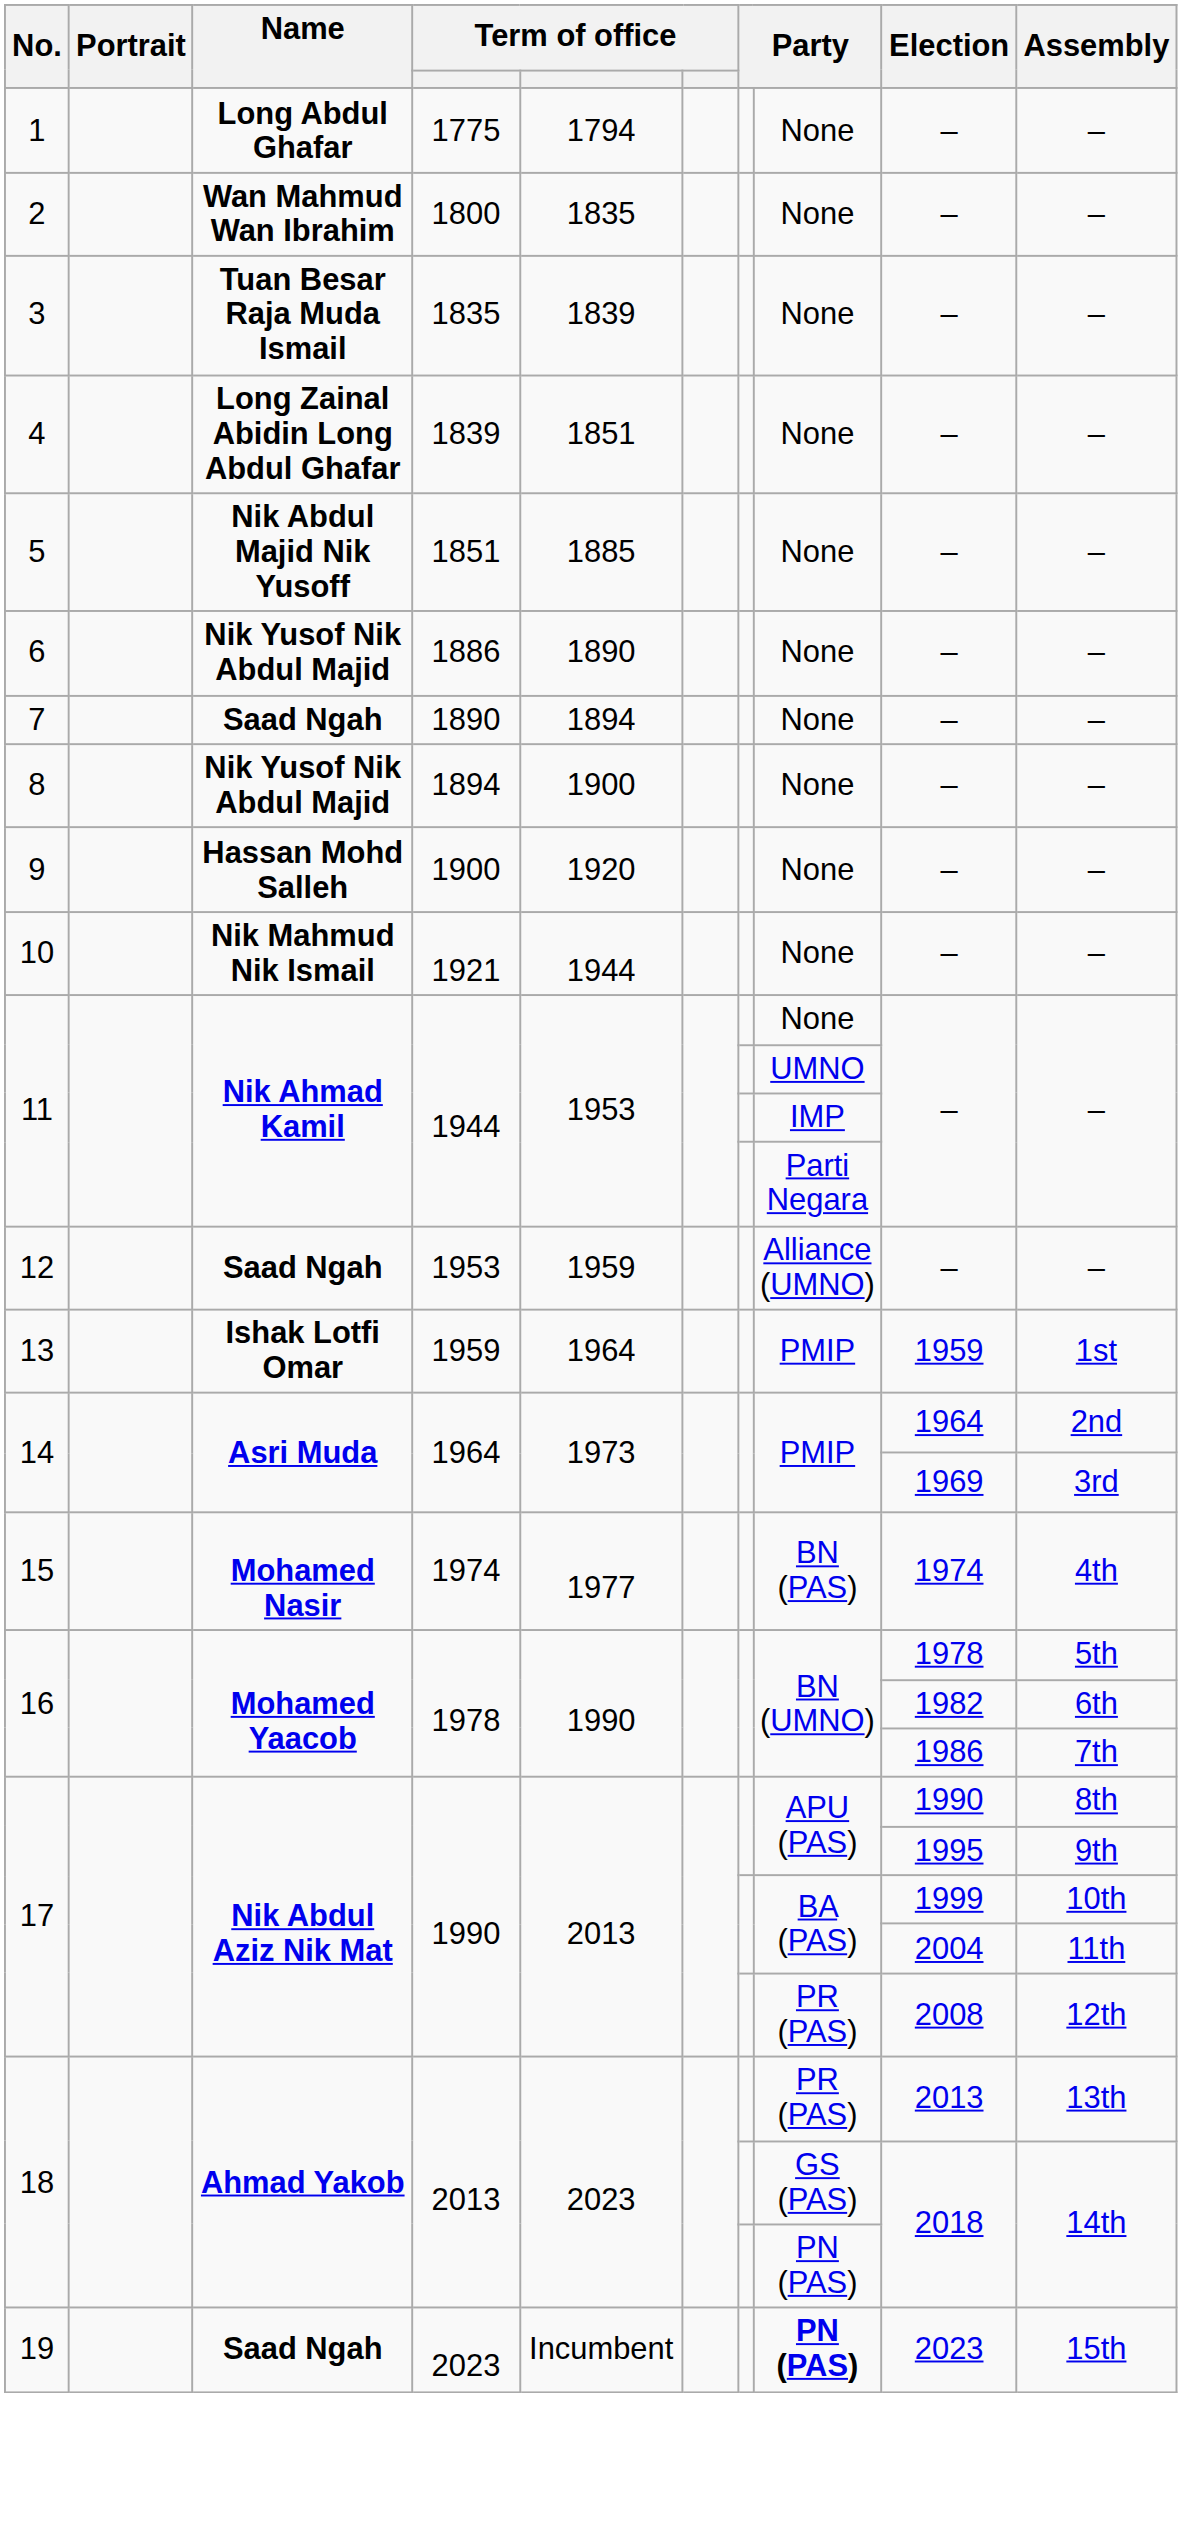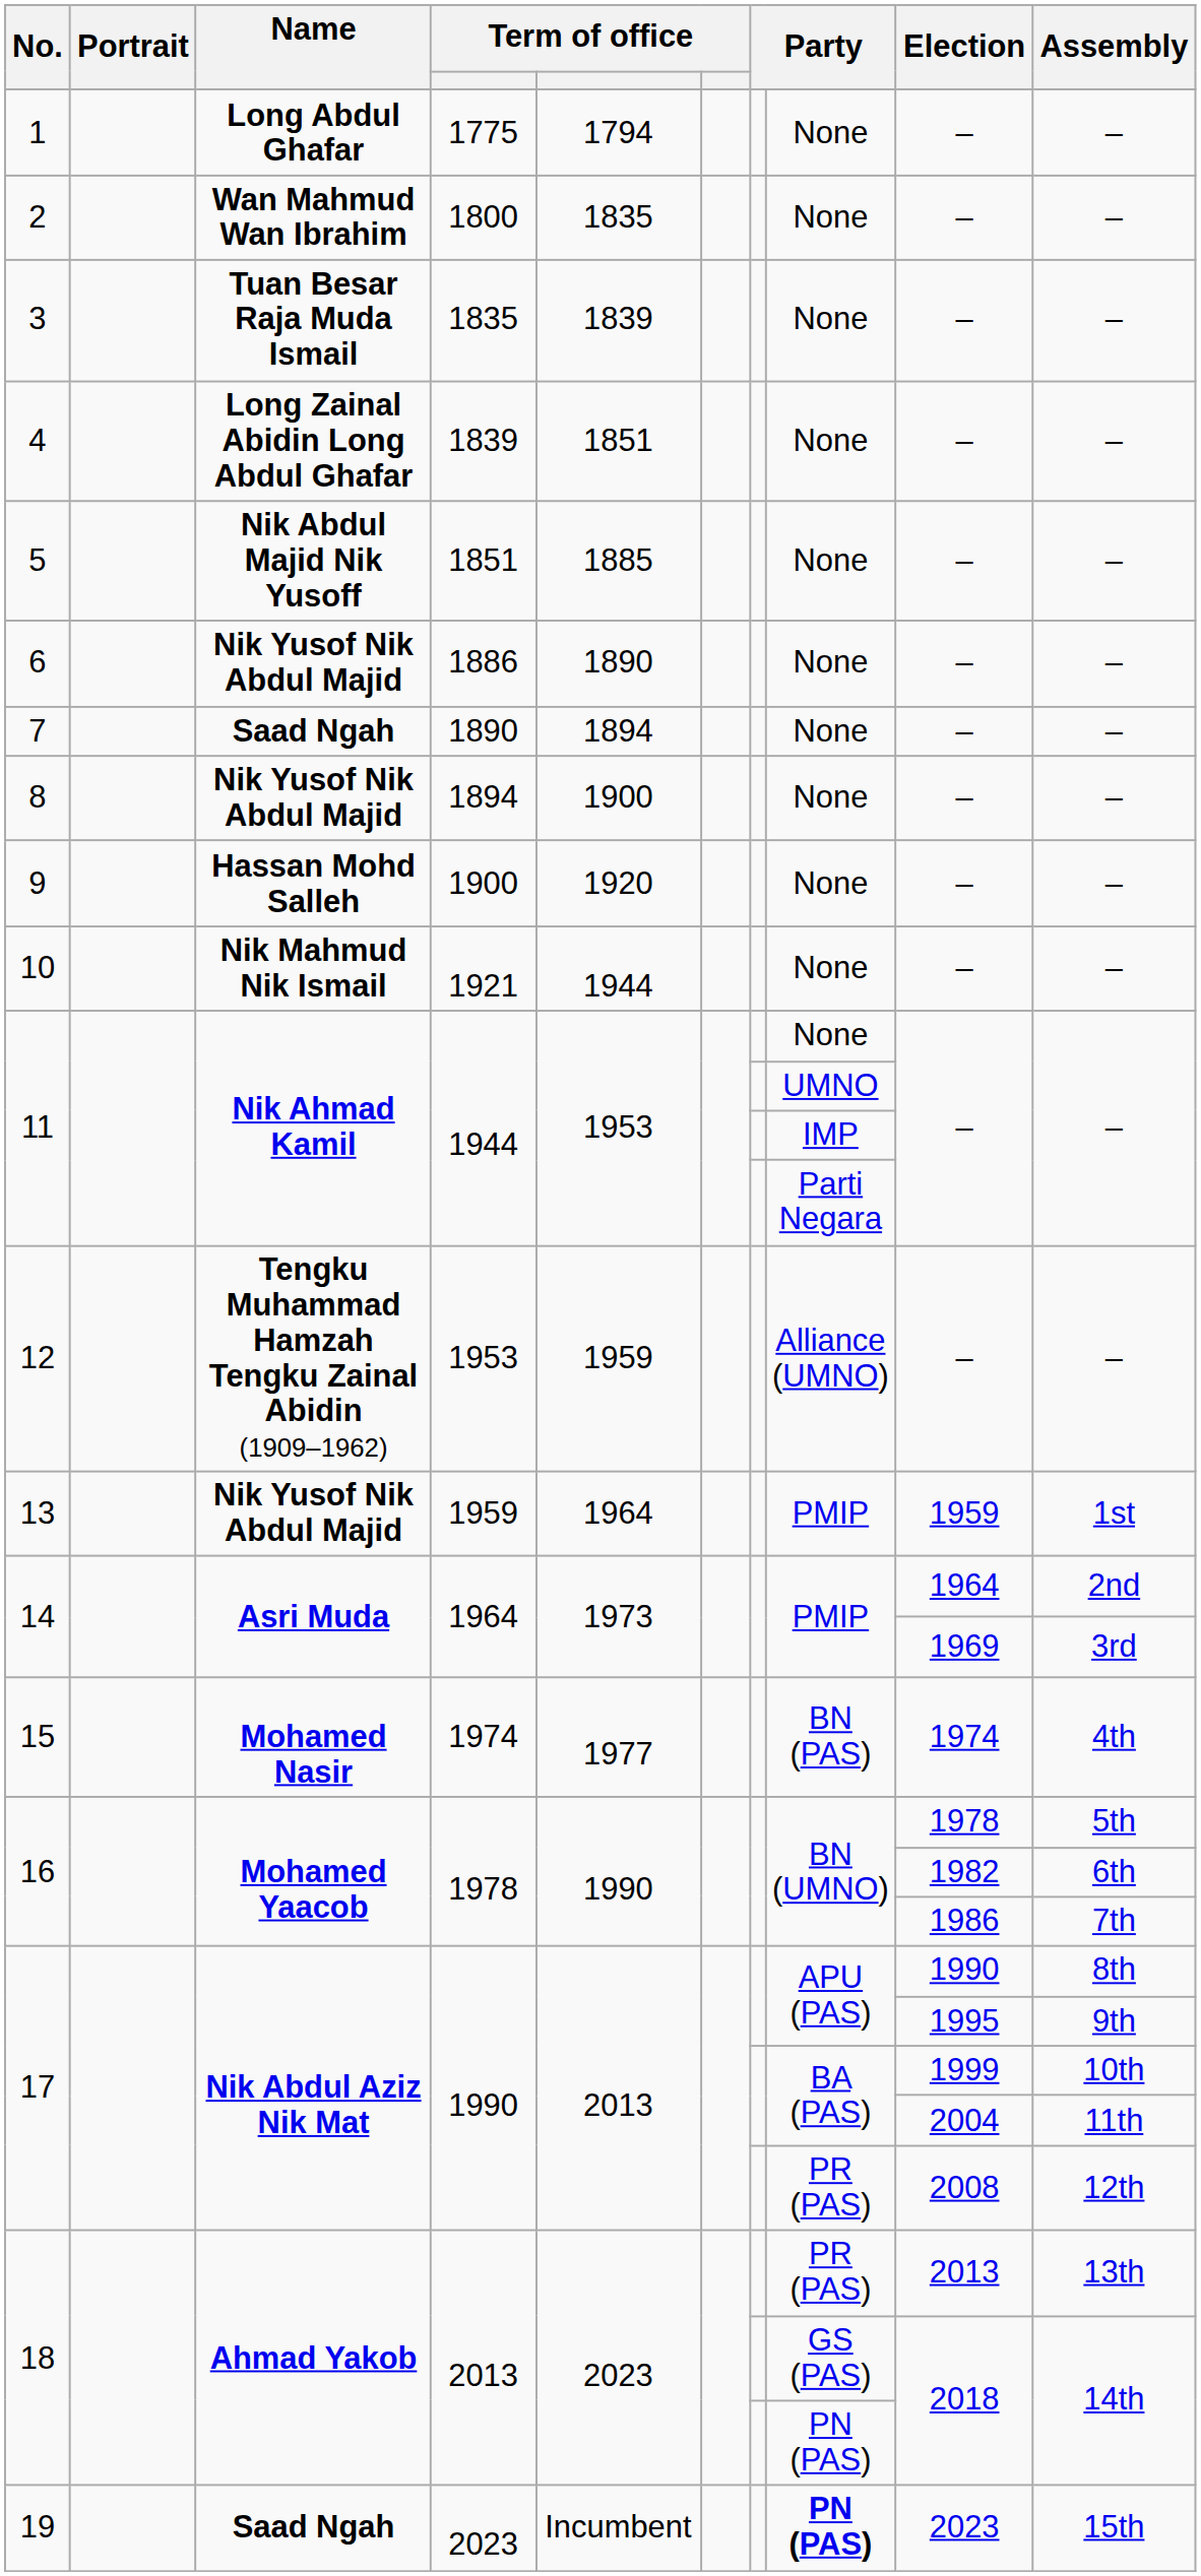 <table class="wikitable" style="text-align:center; border:1px #aaf solid;">
 <tr>
 <th rowspan="2">No.</th>
 <th rowspan="2">Portrait</th>
 <th rowspan="2" width="200">Name<br><br></th>
 <th colspan="3">Term of office</th>
 <th colspan="2" rowspan="2">Party</th>
 <th rowspan="2">Election</th>
 <th rowspan="2">Assembly</th>
 </tr>
 <tr>
 <th width="85"></th>
 <th width="85"></th>
 <th width="85"></th>
 </tr>
 <tr>
 <td>1</td>
 <td></td>
 <td><strong>Long Abdul Ghafar</strong></td>
 <td>1775</td>
 <td>1794</td>
 <td></td>
 <td style="background:"></td>
 <td>None</td>
 <td>–</td>
 <td>–</td>
 </tr>
 <tr>
 <td>2</td>
 <td></td>
 <td><strong>Wan Mahmud Wan Ibrahim</strong></td>
 <td>1800</td>
 <td>1835</td>
 <td></td>
 <td style="background:"></td>
 <td>None</td>
 <td>–</td>
 <td>–</td>
 </tr>
 <tr>
 <td>3</td>
 <td></td>
 <td><strong>Tuan Besar Raja Muda Ismail</strong></td>
 <td>1835</td>
 <td>1839</td>
 <td></td>
 <td style="background:"></td>
 <td>None</td>
 <td>–</td>
 <td>–</td>
 </tr>
 <tr>
 <td>4</td>
 <td></td>
 <td><strong>Long Zainal Abidin Long Abdul Ghafar</strong></td>
 <td>1839</td>
 <td>1851</td>
 <td></td>
 <td style="background:"></td>
 <td>None</td>
 <td>–</td>
 <td>–</td>
 </tr>
 <tr>
 <td>5</td>
 <td></td>
 <td><strong>Nik Abdul Majid Nik Yusoff</strong></td>
 <td>1851</td>
 <td>1885</td>
 <td></td>
 <td style="background:"></td>
 <td>None</td>
 <td>–</td>
 <td>–</td>
 </tr>
 <tr>
 <td>6</td>
 <td></td>
 <td><strong>Nik Yusof Nik Abdul Majid</strong></td>
 <td>1886</td>
 <td>1890</td>
 <td></td>
 <td style="background:"></td>
 <td>None</td>
 <td>–</td>
 <td>–</td>
 </tr>
 <tr>
 <td>7</td>
 <td></td>
 <td><strong>Saad Ngah</strong></td>
 <td>1890</td>
 <td>1894</td>
 <td></td>
 <td style="background:"></td>
 <td>None</td>
 <td>–</td>
 <td>–</td>
 </tr>
 <tr>
 <td>8</td>
 <td></td>
 <td><strong>Nik Yusof Nik Abdul Majid</strong></td>
 <td>1894</td>
 <td>1900</td>
 <td></td>
 <td style="background:"></td>
 <td>None</td>
 <td>–</td>
 <td>–</td>
 </tr>
 <tr>
 <td>9</td>
 <td></td>
 <td><strong>Hassan Mohd Salleh</strong></td>
 <td>1900</td>
 <td>1920</td>
 <td></td>
 <td style="background:"></td>
 <td>None</td>
 <td>–</td>
 <td>–</td>
 </tr>
 <tr>
 <td>10</td>
 <td></td>
 <td><strong>Nik Mahmud Nik Ismail</strong></td>
 <td><br>1921</td>
 <td><br>1944</td>
 <td></td>
 <td style="background:"></td>
 <td>None</td>
 <td>–</td>
 <td>–</td>
 </tr>
 <tr>
 <td rowspan="4">11</td>
 <td rowspan="4"></td>
 <td rowspan="4"><strong><a href='#'>Nik Ahmad Kamil</a></strong><br></td>
 <td rowspan="4"><br>1944</td>
 <td rowspan="4">1953</td>
 <td rowspan="4"></td>
 <td style="background:"></td>
 <td>None</td>
 <td rowspan="4">–</td>
 <td rowspan="4">–</td>
 </tr>
 <tr>
 <td style="background:"></td>
 <td><a href='#'>UMNO</a></td>
 </tr>
 <tr>
 <td></td>
 <td><a href='#'>IMP</a></td>
 </tr>
 <tr>
 <td style="background:"></td>
 <td><a href='#'>Parti Negara</a></td>
 </tr>
 <tr>
 <td>12</td>
 <td></td>
-<td><strong>Saad Ngah</strong></td>
+<td><strong>Tengku Muhammad Hamzah Tengku Zainal Abidin</strong><br><small>(1909–1962)</small></td>
 <td>1953</td>
 <td>1959</td>
 <td></td>
 <td style="background:"></td>
 <td><a href='#'>Alliance</a><br>(<a href='#'>UMNO</a>)</td>
 <td>–</td>
 <td>–</td>
 </tr>
 <tr>
 <td>13</td>
 <td></td>
-<td><strong>Ishak Lotfi Omar</strong><br></td>
+<td><strong>Nik Yusof Nik Abdul Majid</strong></td>
 <td>1959</td>
 <td>1964</td>
 <td></td>
 <td style="background:"></td>
 <td><a href='#'>PMIP</a></td>
 <td><a href='#'>1959</a></td>
 <td><a href='#'>1st</a></td>
 </tr>
 <tr>
 <td rowspan="2">14</td>
 <td rowspan="2"></td>
 <td rowspan="2"><br><strong><a href='#'>Asri Muda</a></strong><br><br></td>
 <td rowspan="2">1964</td>
 <td rowspan="2">1973</td>
 <td rowspan="2"></td>
 <td rowspan="2" style="background:"></td>
 <td rowspan="2"><a href='#'>PMIP</a></td>
 <td><a href='#'>1964</a></td>
 <td><a href='#'>2nd</a></td>
 </tr>
 <tr>
 <td><a href='#'>1969</a></td>
 <td><a href='#'>3rd</a></td>
 </tr>
 <tr>
 <td>15</td>
 <td></td>
 <td><br><strong><a href='#'>Mohamed Nasir</a></strong><br></td>
 <td>1974</td>
 <td><br>1977</td>
 <td></td>
 <td style="background:"></td>
 <td><a href='#'>BN</a> (<a href='#'>PAS</a>)</td>
 <td><a href='#'>1974</a></td>
 <td><a href='#'>4th</a></td>
 </tr>
 <tr>
 <td rowspan="3">16</td>
 <td rowspan="3"></td>
 <td rowspan="3"><br><strong><a href='#'>Mohamed Yaacob</a></strong><br></td>
 <td rowspan="3"><br>1978</td>
 <td rowspan="3"><br>1990</td>
 <td rowspan="3"></td>
 <td rowspan="3" style="background:"></td>
 <td rowspan="3"><a href='#'>BN</a> (<a href='#'>UMNO</a>)</td>
 <td><a href='#'>1978</a></td>
 <td><a href='#'>5th</a></td>
 </tr>
 <tr>
 <td><a href='#'>1982</a></td>
 <td><a href='#'>6th</a></td>
 </tr>
 <tr>
 <td><a href='#'>1986</a></td>
 <td><a href='#'>7th</a></td>
 </tr>
 <tr>
 <td rowspan="5">17</td>
 <td rowspan="5"></td>
 <td rowspan="5"><br><strong><a href='#'>Nik Abdul Aziz Nik Mat</a></strong><br></td>
 <td rowspan="5"><br>1990</td>
 <td rowspan="5"><br>2013</td>
 <td rowspan="5"></td>
 <td rowspan="2" style="background:"></td>
 <td rowspan="2"><a href='#'>APU</a> (<a href='#'>PAS</a>)</td>
 <td><a href='#'>1990</a></td>
 <td><a href='#'>8th</a></td>
 </tr>
 <tr>
 <td><a href='#'>1995</a></td>
 <td><a href='#'>9th</a></td>
 </tr>
 <tr>
 <td rowspan="2" style="background:"></td>
 <td rowspan="2"><a href='#'>BA</a> (<a href='#'>PAS</a>)</td>
 <td><a href='#'>1999</a></td>
 <td><a href='#'>10th</a></td>
 </tr>
 <tr>
 <td><a href='#'>2004</a></td>
 <td><a href='#'>11th</a></td>
 </tr>
 <tr>
 <td style="background:"></td>
 <td><a href='#'>PR</a> (<a href='#'>PAS</a>)</td>
 <td><a href='#'>2008</a></td>
 <td><a href='#'>12th</a></td>
 </tr>
 <tr>
 <td rowspan="3">18</td>
 <td rowspan="3"></td>
 <td rowspan="3"><br><strong><a href='#'>Ahmad Yakob</a></strong><br><br></td>
 <td rowspan="3"><br>2013</td>
 <td rowspan="3"><br>2023</td>
 <td rowspan="3"></td>
 <td style="background:"></td>
 <td><a href='#'>PR</a> (<a href='#'>PAS</a>)</td>
 <td><a href='#'>2013</a></td>
 <td><a href='#'>13th</a></td>
 </tr>
 <tr>
 <td style="background:"></td>
 <td><a href='#'>GS</a> (<a href='#'>PAS</a>)</td>
 <td rowspan="2"><a href='#'>2018</a></td>
 <td rowspan="2"><a href='#'>14th</a></td>
 </tr>
 <tr>
 <td style="background:"></td>
 <td><a href='#'>PN</a> (<a href='#'>PAS</a>)</td>
 </tr>
 <tr>
 <td>19</td>
 <td></td>
 <td><strong>Saad Ngah</strong></td>
 <td><br>2023</td>
 <td>Incumbent</td>
 <td></td>
 <td style="background:"></td>
 <td><strong><a href='#'>PN</a> (<a href='#'>PAS</a>)</strong></td>
 <td><a href='#'>2023</a></td>
 <td><a href='#'>15th</a></td>
 </tr>
 </table>
